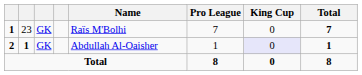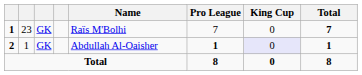 <table class="wikitable" style="text-align:center">
 <tr>
 <th width=15></th>
 <th width=15></th>
 <th width=15></th>
 <th width=15></th>
 <th width=175>Name</th>
 <th width=80>Pro League</th>
 <th width=80>King Cup</th>
 <th width=80>Total</th>
 </tr>
 <tr>
 <td><strong>1</strong></td>
 <td>23</td>
 <td><a href='#'>GK</a></td>
 <td></td>
 <td align=left><a href='#'>Raïs M'Bolhi</a></td>
 <td>7</td>
 <td>0</td>
 <td><strong>7</strong></td>
 </tr>
 <tr>
 <td><strong>2</strong></td>
-<td><strong>1</strong></td>
+<td>1</td>
 <td><a href='#'>GK</a></td>
 <td></td>
 <td align=left><a href='#'>Abdullah Al-Oaisher</a></td>
-<td>1</td>
+<td><strong>1</strong></td>
 <td style="background: lavender;">0</td>
 <td><strong>1</strong></td>
 </tr>
 <tr>
 <td colspan=5><strong>Total</strong></td>
 <td><strong>8</strong></td>
 <td><strong>0</strong></td>
 <td><strong>8</strong></td>
 </tr>
 </table>
